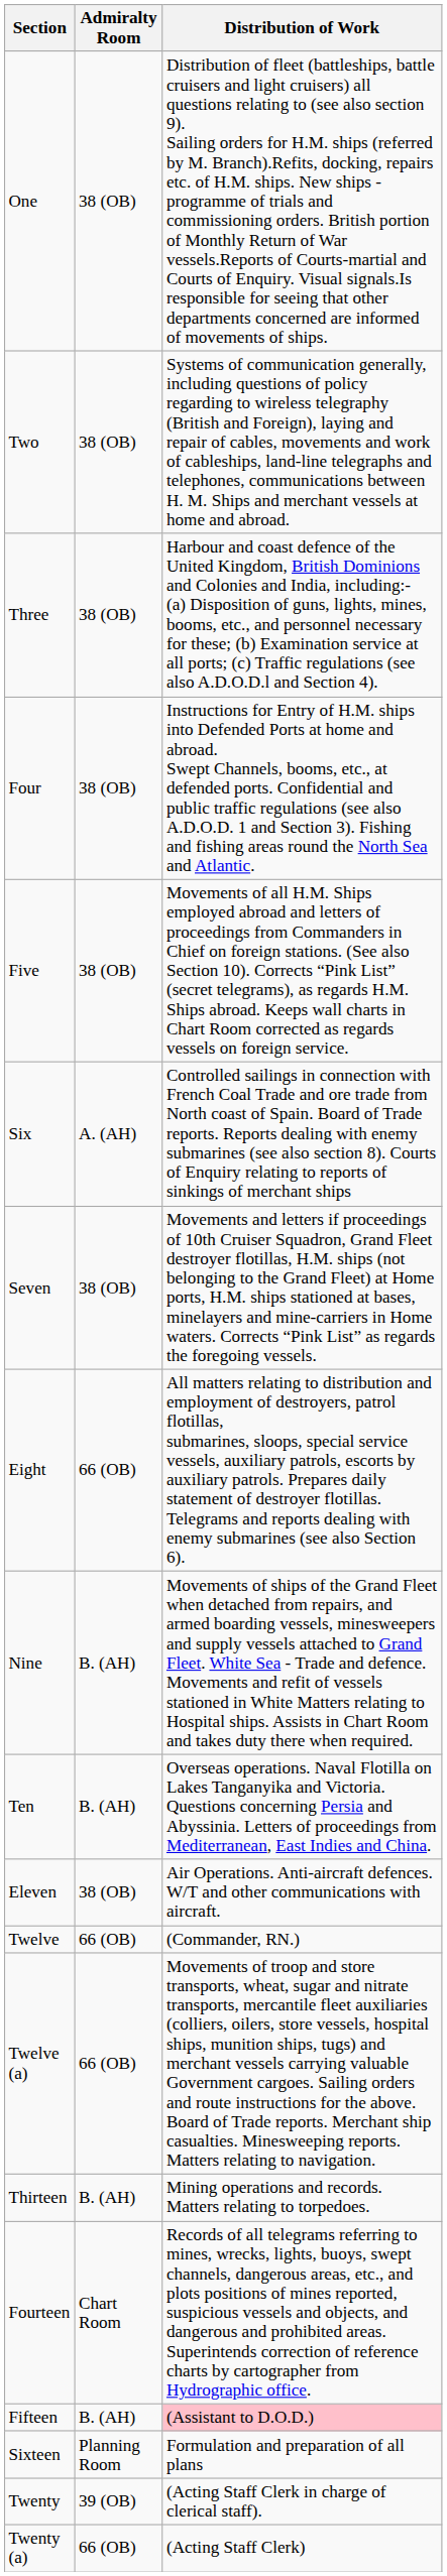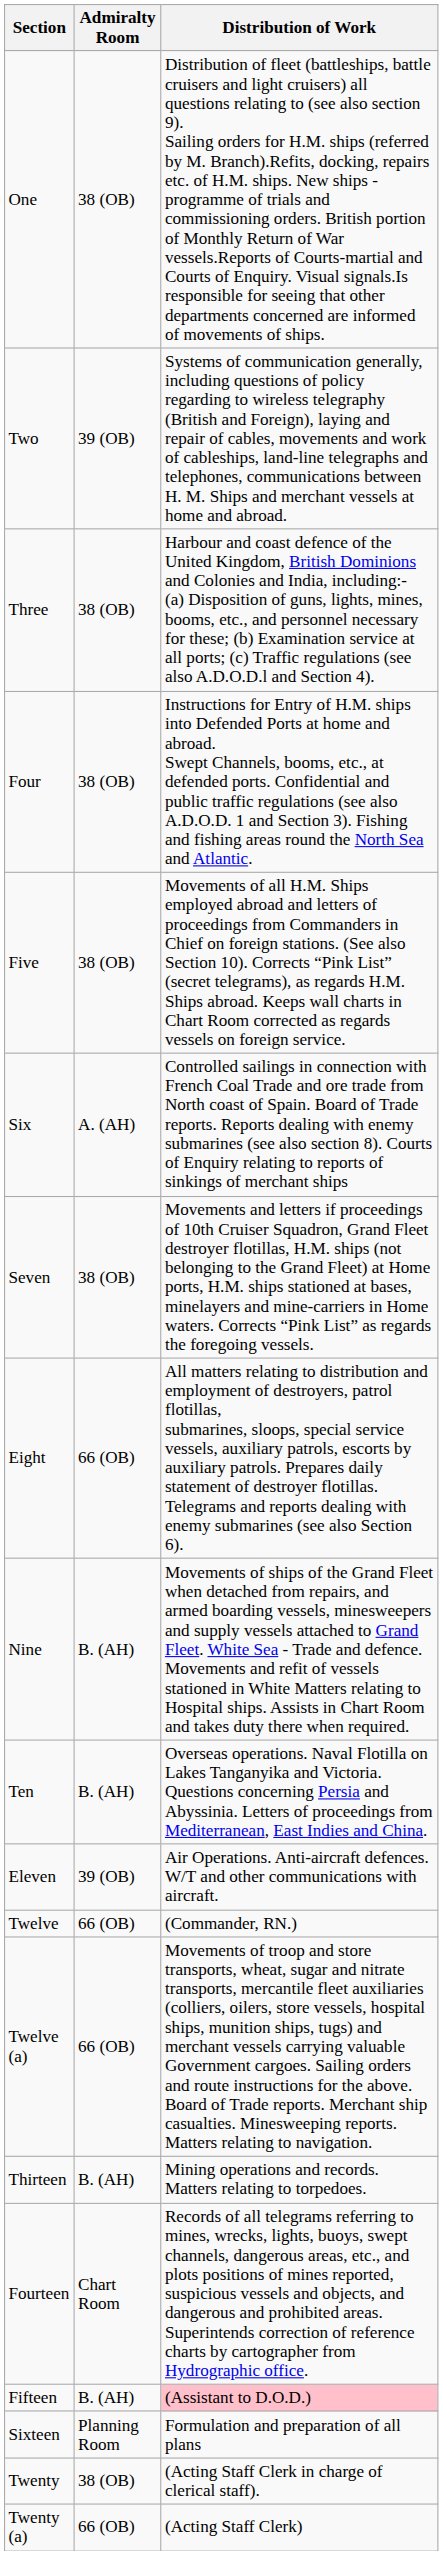 <table class="collapsible wikitable collapsed" style="width: 65%">
 <tr>
 <th>Section</th>
 <th>Admiralty Room</th>
 <th>Distribution of Work</th>
 </tr>
 <tr>
 <td>One</td>
 <td>38 (OB)</td>
 <td>Distribution of fleet (battleships, battle cruisers and light cruisers) all questions relating to (see also section 9).<br>Sailing orders for H.M. ships (referred by M. Branch).Refits, docking, repairs etc. of H.M. ships. New ships - programme of trials and commissioning orders. British portion of Monthly Return of War vessels.Reports of Courts-martial and Courts of Enquiry. Visual signals.Is responsible for seeing that other departments concerned are informed of movements of ships.</td>
 </tr>
 <tr>
 <td>Two</td>
-<td>38 (OB)</td>
+<td>39 (OB)</td>
 <td>Systems of communication generally, including questions of policy regarding to wireless telegraphy (British and Foreign), laying and repair of cables, movements and work of cableships, land-line telegraphs and telephones, communications between H. M. Ships and merchant vessels at home and abroad.</td>
 </tr>
 <tr>
 <td>Three</td>
 <td>38 (OB)</td>
 <td>Harbour and coast defence of the United Kingdom, <a href='#'>British Dominions</a> and Colonies and India, including:-<br>(a) Disposition of guns, lights, mines, booms, etc., and personnel necessary for these; (b) Examination service at all ports; (c) Traffic regulations (see also A.D.O.D.l and Section 4).</td>
 </tr>
 <tr>
 <td>Four</td>
 <td>38 (OB)</td>
 <td>Instructions for Entry of H.M. ships into Defended Ports at home and abroad.<br>Swept Channels, booms, etc., at defended ports. Confidential and public traffic regulations (see also A.D.O.D. 1 and Section 3). Fishing and fishing areas round the <a href='#'>North Sea</a> and <a href='#'>Atlantic</a>.</td>
 </tr>
 <tr>
 <td>Five</td>
 <td>38 (OB)</td>
 <td>Movements of all H.M. Ships employed abroad and letters of proceedings from Commanders in Chief on foreign stations. (See also Section 10). Corrects “Pink List” (secret telegrams), as regards H.M. Ships abroad. Keeps wall charts in Chart Room corrected as regards vessels on foreign service.</td>
 </tr>
 <tr>
 <td>Six</td>
 <td>A. (AH)</td>
 <td>Controlled sailings in connection with French Coal Trade and ore trade from<br>North coast of Spain. Board of Trade reports. Reports dealing with enemy submarines (see also section 8). Courts of Enquiry relating to reports of sinkings of merchant ships</td>
 </tr>
 <tr>
 <td>Seven</td>
 <td>38 (OB)</td>
 <td>Movements and letters if proceedings of 10th Cruiser Squadron, Grand Fleet destroyer flotillas, H.M. ships (not belonging to the Grand Fleet) at Home ports, H.M. ships stationed at bases, minelayers and mine-carriers in Home waters. Corrects “Pink List” as regards the foregoing vessels.</td>
 </tr>
 <tr>
 <td>Eight</td>
 <td>66 (OB)</td>
 <td>All matters relating to distribution and employment of destroyers, patrol flotillas,<br>submarines, sloops, special service vessels, auxiliary patrols, escorts by auxiliary patrols. Prepares daily statement of destroyer flotillas. Telegrams and reports dealing with enemy submarines (see also Section 6).</td>
 </tr>
 <tr>
 <td>Nine</td>
 <td>B. (AH)</td>
 <td>Movements of ships of the Grand Fleet when detached from repairs, and armed boarding vessels, minesweepers and supply vessels attached to <a href='#'>Grand Fleet</a>. <a href='#'>White Sea</a> - Trade and defence. Movements and refit of vessels stationed in White Matters relating to Hospital ships. Assists in Chart Room and takes duty there when required.</td>
 </tr>
 <tr>
 <td>Ten</td>
 <td>B. (AH)</td>
 <td>Overseas operations. Naval Flotilla on Lakes Tanganyika and Victoria. Questions concerning <a href='#'>Persia</a> and Abyssinia. Letters of proceedings from <a href='#'>Mediterranean</a>, <a href='#'>East Indies and China</a>.</td>
 </tr>
 <tr>
 <td>Eleven</td>
-<td>38 (OB)</td>
+<td>39 (OB)</td>
 <td>Air Operations. Anti-aircraft defences. W/T and other communications with aircraft.</td>
 </tr>
 <tr>
 <td>Twelve</td>
 <td>66 (OB)</td>
 <td>(Commander, RN.)</td>
 </tr>
 <tr>
 <td>Twelve (a)</td>
 <td>66 (OB)</td>
 <td>Movements of troop and store transports, wheat, sugar and nitrate transports, mercantile fleet auxiliaries (colliers, oilers, store vessels, hospital ships, munition ships, tugs) and merchant vessels carrying valuable Government cargoes. Sailing orders and route instructions for the above. Board of Trade reports. Merchant ship casualties. Minesweeping reports. Matters relating to navigation.</td>
 </tr>
 <tr>
 <td>Thirteen</td>
 <td>B. (AH)</td>
 <td>Mining operations and records. Matters relating to torpedoes.</td>
 </tr>
 <tr>
 <td>Fourteen</td>
 <td>Chart Room</td>
 <td>Records of all telegrams referring to mines, wrecks, lights, buoys, swept channels, dangerous areas, etc., and plots positions of mines reported, suspicious vessels and objects, and dangerous and prohibited areas. Superintends correction of reference charts by cartographer from <a href='#'>Hydrographic office</a>.</td>
 </tr>
 <tr>
 <td>Fifteen</td>
 <td>B. (AH)</td>
 <td style="background: pink;">(Assistant to D.O.D.)</td>
 </tr>
 <tr>
 <td>Sixteen</td>
 <td>Planning Room</td>
 <td>Formulation and preparation of all plans</td>
 </tr>
 <tr>
 <td>Twenty</td>
-<td>39 (OB)</td>
+<td>38 (OB)</td>
 <td>(Acting Staff Clerk in charge of clerical staff).</td>
 </tr>
 <tr>
 <td>Twenty (a)</td>
 <td>66 (OB)</td>
 <td>(Acting Staff Clerk)</td>
 </tr>
 </table>
